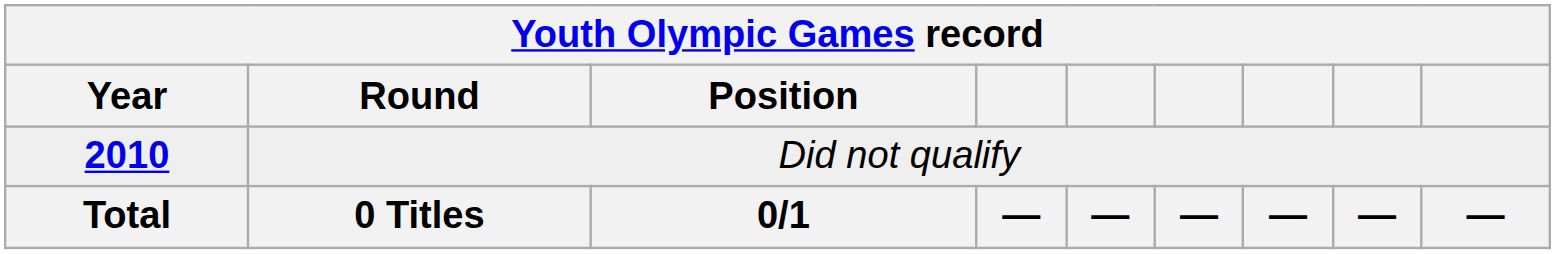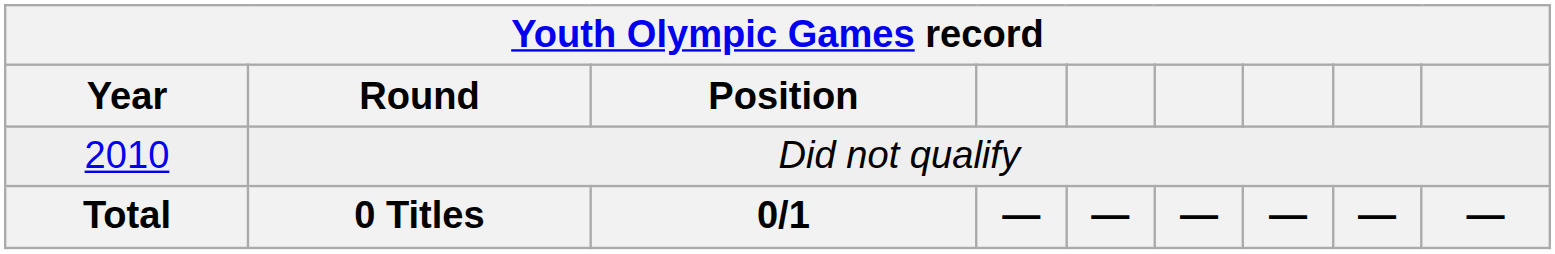 <table class="wikitable" style="text-align: center;font-size:100%; width: 650px;">
 <tr>
 <th colspan=9><strong><a href='#'>Youth Olympic Games</a> record</strong></th>
 </tr>
 <tr>
 <th><strong>Year</strong></th>
 <th><strong>Round</strong></th>
 <th><strong>Position</strong></th>
 <th width=30><strong></strong></th>
 <th width=30><strong></strong></th>
 <th width=30><strong></strong></th>
 <th width=30><strong></strong></th>
 <th width=30><strong></strong></th>
 <th><strong></strong></th>
 </tr>
 <tr bgcolor="efefef">
-<td><strong> <a href='#'>2010</a></strong></td>
+<td> <a href='#'>2010</a></td>
 <td colspan="8"><em>Did not qualify</em></td>
 </tr>
 <tr>
 <th><strong>Total</strong></th>
 <th><strong>0 Titles</strong></th>
 <th><strong>0/1</strong></th>
 <th><strong>—</strong></th>
 <th><strong>—</strong></th>
 <th><strong>—</strong></th>
 <th><strong>—</strong></th>
 <th><strong>—</strong></th>
 <th><strong>—</strong></th>
 </tr>
 </table>
